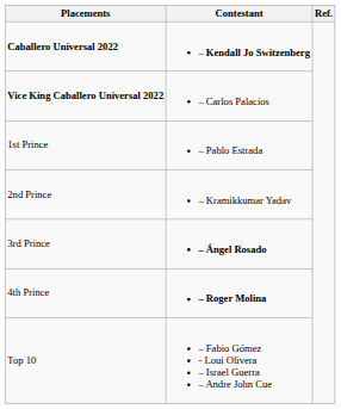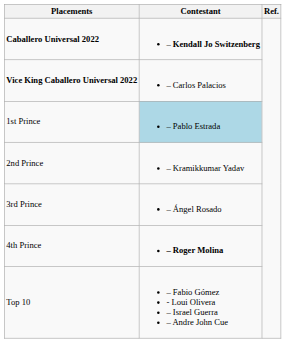 <table class="wikitable sortable" style="font-size: 85%;">
 <tr>
 <th>Placements</th>
 <th>Contestant</th>
 <th>Ref.</th>
 </tr>
 <tr>
 <td><strong>Caballero Universal 2022</strong></td>
 <td><br><ul><li> –  <strong>Kendall Jo Switzenberg</strong></li></ul></td>
 <td rowspan="7"></td>
 </tr>
 <tr>
 <td><strong>Vice King Caballero Universal 2022</strong></td>
 <td><br><ul><li> – Carlos Palacios</li></ul></td>
 </tr>
 <tr>
 <td>1st Prince</td>
-<td><br><ul><li> –  Pablo Estrada</li></ul></td>
+<td style="background: lightblue;"><br><ul><li> –  Pablo Estrada</li></ul></td>
 </tr>
 <tr>
 <td>2nd Prince</td>
 <td><br><ul><li> –  Kramikkumar Yadav</li></ul></td>
 </tr>
 <tr>
 <td>3rd Prince</td>
-<td><strong><br><ul><li> –  Ángel Rosado</li></ul></strong></td>
+<td><br><ul><li> –  Ángel Rosado</li></ul></td>
 </tr>
 <tr>
 <td>4th Prince</td>
 <td><strong><br><ul><li> –  Roger Molina</li></ul></strong></td>
 </tr>
 <tr>
 <td>Top 10</td>
 <td><br><ul><li> – Fabio Gómez</li><li> - Loui Olivera</li><li> – Israel Guerra</li><li> – Andre John Cue</li></ul></td>
 </tr>
 </table>
